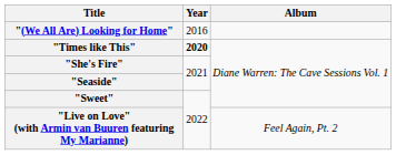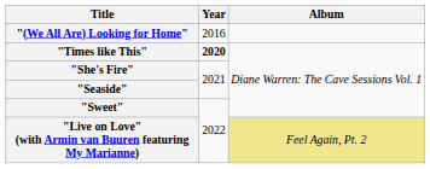 <table class="wikitable plainrowheaders" style="text-align:center;">
 <tr>
 <th scope="col" style="width:16em">Title</th>
 <th scope="col">Year</th>
 <th scope="col">Album</th>
 </tr>
 <tr>
 <th scope="row">"<a href='#'>(We All Are) Looking for Home</a>"<br></th>
 <td>2016</td>
 <td></td>
 </tr>
 <tr>
 <th scope="row">"Times like This"<br></th>
 <td><strong>2020</strong></td>
 <td rowspan="4"><em>Diane Warren: The Cave Sessions Vol. 1</em></td>
 </tr>
 <tr>
 <th scope="row">"She's Fire"<br></th>
 <td rowspan="2">2021</td>
 </tr>
 <tr>
 <th scope="row">"Seaside"<br></th>
 </tr>
 <tr>
 <th scope="row">"Sweet" <br></th>
 <td rowspan="2">2022</td>
 </tr>
 <tr>
 <th scope="row">"Live on Love" <br><span>(with <a href='#'>Armin van Buuren</a> featuring <a href='#'>My Marianne</a>)</span></th>
-<td><em>Feel Again, Pt. 2</em></td>
+<td style="background: khaki;"><em>Feel Again, Pt. 2</em></td>
 </tr>
 </table>
